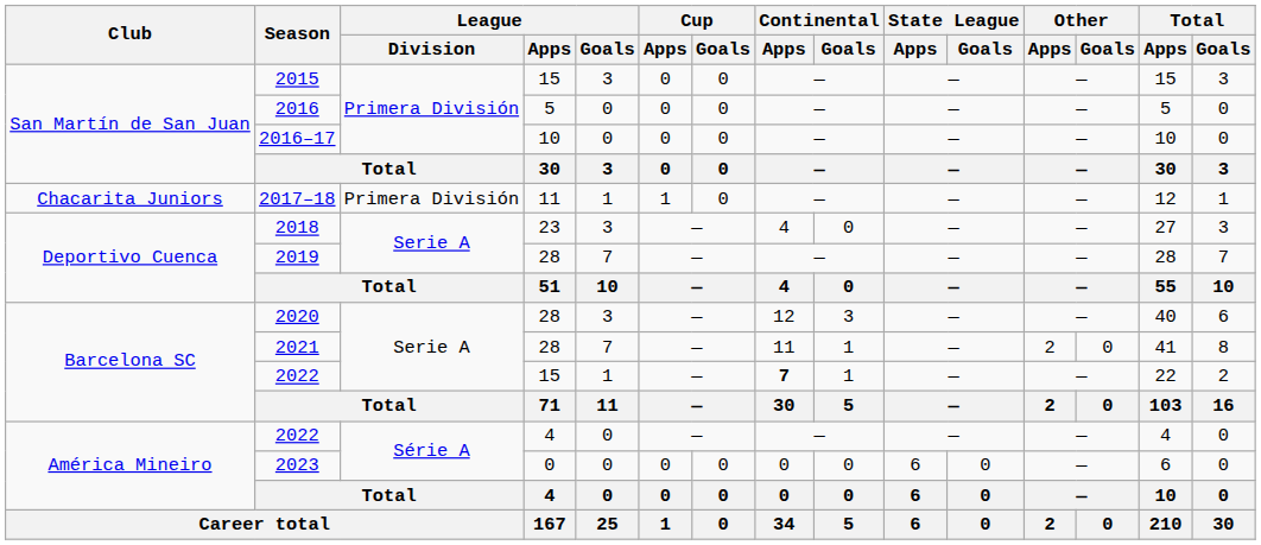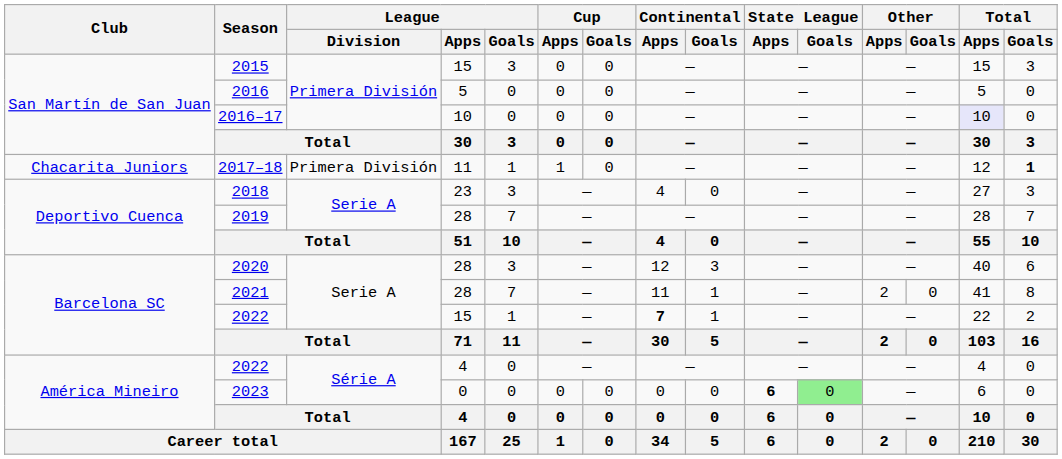 <table class="wikitable" style="text-align: center;">
 <tr>
 <th rowspan="2">Club</th>
 <th rowspan="2">Season</th>
 <th colspan="3">League</th>
 <th colspan="2">Cup</th>
 <th colspan="2">Continental</th>
 <th colspan="2">State League</th>
 <th colspan="2">Other</th>
 <th colspan="2">Total</th>
 </tr>
 <tr>
 <th>Division</th>
 <th>Apps</th>
 <th>Goals</th>
 <th>Apps</th>
 <th>Goals</th>
 <th>Apps</th>
 <th>Goals</th>
 <th>Apps</th>
 <th>Goals</th>
 <th>Apps</th>
 <th>Goals</th>
 <th>Apps</th>
 <th>Goals</th>
 </tr>
 <tr>
 <td rowspan="4"><a href='#'>San Martín de San Juan</a></td>
 <td><a href='#'>2015</a></td>
 <td rowspan="3"><a href='#'>Primera División</a></td>
 <td>15</td>
 <td>3</td>
 <td>0</td>
 <td>0</td>
 <td colspan=2>—</td>
 <td colspan=2>—</td>
 <td colspan=2>—</td>
 <td>15</td>
 <td>3</td>
 </tr>
 <tr>
 <td><a href='#'>2016</a></td>
 <td>5</td>
 <td>0</td>
 <td>0</td>
 <td>0</td>
 <td colspan=2>—</td>
 <td colspan=2>—</td>
 <td colspan=2>—</td>
 <td>5</td>
 <td>0</td>
 </tr>
 <tr>
 <td><a href='#'>2016–17</a></td>
 <td>10</td>
 <td>0</td>
 <td>0</td>
 <td>0</td>
 <td colspan=2>—</td>
 <td colspan=2>—</td>
 <td colspan=2>—</td>
-<td>10</td>
+<td style="background: lavender;">10</td>
 <td>0</td>
 </tr>
 <tr>
 <th colspan="2">Total</th>
 <th>30</th>
 <th>3</th>
 <th>0</th>
 <th>0</th>
 <th colspan=2>—</th>
 <th colspan=2>—</th>
 <th colspan=2>—</th>
 <th>30</th>
 <th>3</th>
 </tr>
 <tr>
 <td><a href='#'>Chacarita Juniors</a></td>
 <td><a href='#'>2017–18</a></td>
 <td>Primera División</td>
 <td>11</td>
 <td>1</td>
 <td>1</td>
 <td>0</td>
 <td colspan=2>—</td>
 <td colspan=2>—</td>
 <td colspan=2>—</td>
 <td>12</td>
-<td>1</td>
+<td><strong>1</strong></td>
 </tr>
 <tr>
 <td rowspan="3"><a href='#'>Deportivo Cuenca</a></td>
 <td><a href='#'>2018</a></td>
 <td rowspan="2"><a href='#'>Serie A</a></td>
 <td>23</td>
 <td>3</td>
 <td colspan=2>—</td>
 <td>4</td>
 <td>0</td>
 <td colspan=2>—</td>
 <td colspan=2>—</td>
 <td>27</td>
 <td>3</td>
 </tr>
 <tr>
 <td><a href='#'>2019</a></td>
 <td>28</td>
 <td>7</td>
 <td colspan=2>—</td>
 <td colspan=2>—</td>
 <td colspan=2>—</td>
 <td colspan=2>—</td>
 <td>28</td>
 <td>7</td>
 </tr>
 <tr>
 <th colspan="2">Total</th>
 <th>51</th>
 <th>10</th>
 <th colspan=2>—</th>
 <th>4</th>
 <th>0</th>
 <th colspan=2>—</th>
 <th colspan=2>—</th>
 <th>55</th>
 <th>10</th>
 </tr>
 <tr>
 <td rowspan="4"><a href='#'>Barcelona SC</a></td>
 <td><a href='#'>2020</a></td>
 <td rowspan="3">Serie A</td>
 <td>28</td>
 <td>3</td>
 <td colspan=2>—</td>
 <td>12</td>
 <td>3</td>
 <td colspan=2>—</td>
 <td colspan=2>—</td>
 <td>40</td>
 <td>6</td>
 </tr>
 <tr>
 <td><a href='#'>2021</a></td>
 <td>28</td>
 <td>7</td>
 <td colspan=2>—</td>
 <td>11</td>
 <td>1</td>
 <td colspan=2>—</td>
 <td>2</td>
 <td>0</td>
 <td>41</td>
 <td>8</td>
 </tr>
 <tr>
 <td><a href='#'>2022</a></td>
 <td>15</td>
 <td>1</td>
 <td colspan=2>—</td>
 <td><strong>7</strong></td>
 <td>1</td>
 <td colspan=2>—</td>
 <td colspan=2>—</td>
 <td>22</td>
 <td>2</td>
 </tr>
 <tr>
 <th colspan="2">Total</th>
 <th>71</th>
 <th>11</th>
 <th colspan=2>—</th>
 <th>30</th>
 <th>5</th>
 <th colspan=2>—</th>
 <th>2</th>
 <th>0</th>
 <th>103</th>
 <th>16</th>
 </tr>
 <tr>
 <td rowspan="3"><a href='#'>América Mineiro</a></td>
 <td><a href='#'>2022</a></td>
 <td rowspan="2"><a href='#'>Série A</a></td>
 <td>4</td>
 <td>0</td>
 <td colspan=2>—</td>
 <td colspan=2>—</td>
 <td colspan=2>—</td>
 <td colspan=2>—</td>
 <td>4</td>
 <td>0</td>
 </tr>
 <tr>
 <td><a href='#'>2023</a></td>
 <td>0</td>
 <td>0</td>
 <td>0</td>
 <td>0</td>
 <td>0</td>
 <td>0</td>
-<td>6</td>
-<td>0</td>
+<td><strong>6</strong></td>
+<td style="background: lightgreen;">0</td>
 <td colspan=2>—</td>
 <td>6</td>
 <td>0</td>
 </tr>
 <tr>
 <th colspan="2">Total</th>
 <th>4</th>
 <th>0</th>
 <th>0</th>
 <th>0</th>
 <th>0</th>
 <th>0</th>
 <th>6</th>
 <th>0</th>
 <th colspan=2>—</th>
 <th>10</th>
 <th>0</th>
 </tr>
 <tr>
 <th colspan="3">Career total</th>
 <th>167</th>
 <th>25</th>
 <th>1</th>
 <th>0</th>
 <th>34</th>
 <th>5</th>
 <th>6</th>
 <th>0</th>
 <th>2</th>
 <th>0</th>
 <th>210</th>
 <th>30</th>
 </tr>
 </table>
